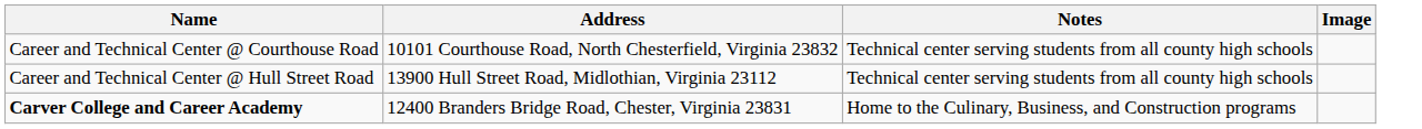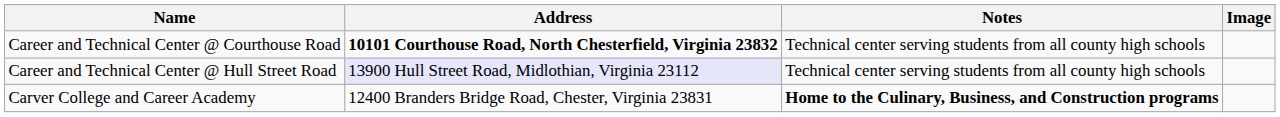 <table class="wikitable">
 <tr>
 <th>Name</th>
 <th>Address</th>
 <th>Notes</th>
 <th>Image</th>
 </tr>
 <tr>
 <td>Career and Technical Center @ Courthouse Road</td>
-<td>10101 Courthouse Road, North Chesterfield, Virginia 23832</td>
+<td><strong>10101 Courthouse Road, North Chesterfield, Virginia 23832</strong></td>
 <td>Technical center serving students from all county high schools</td>
 <td></td>
 </tr>
 <tr>
 <td>Career and Technical Center @ Hull Street Road</td>
-<td>13900 Hull Street Road, Midlothian, Virginia 23112</td>
+<td style="background: lavender;">13900 Hull Street Road, Midlothian, Virginia 23112</td>
 <td>Technical center serving students from all county high schools</td>
 <td></td>
 </tr>
 <tr>
-<td><strong>Carver College and Career Academy</strong></td>
+<td>Carver College and Career Academy</td>
 <td>12400 Branders Bridge Road, Chester, Virginia 23831</td>
-<td>Home to the Culinary, Business, and Construction programs</td>
+<td><strong>Home to the Culinary, Business, and Construction programs</strong></td>
 <td></td>
 </tr>
 </table>
